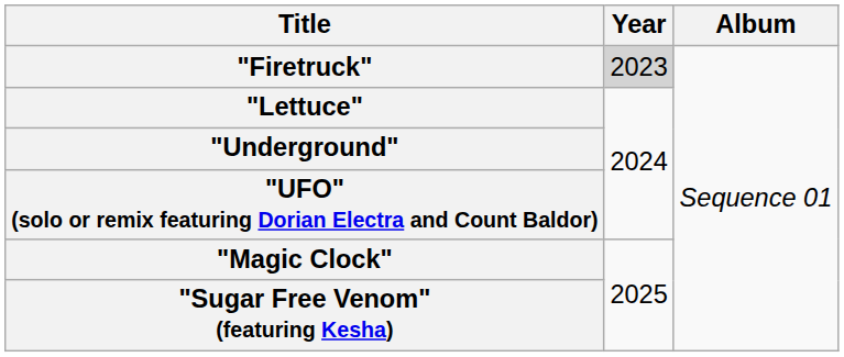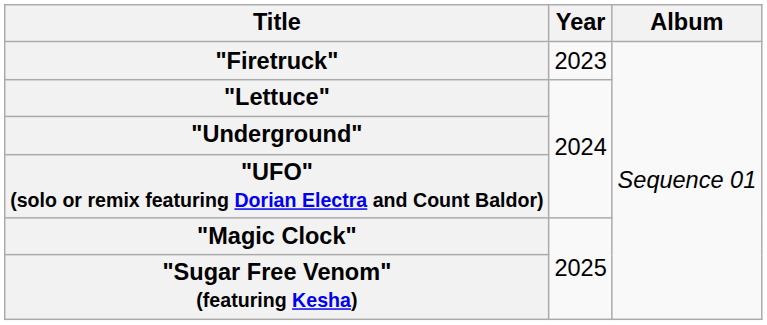 <table class="wikitable plainrowheaders" style="text-align:center;">
 <tr>
 <th scope="col">Title</th>
 <th scope="col">Year</th>
 <th scope="col">Album</th>
 </tr>
 <tr>
 <th scope="row">"Firetruck"</th>
-<td style="background: lightgrey;">2023</td>
+<td>2023</td>
 <td rowspan="6"><em>Sequence 01</em></td>
 </tr>
 <tr>
 <th scope="row">"Lettuce"</th>
 <td rowspan="3">2024</td>
 </tr>
 <tr>
 <th scope="row">"Underground"</th>
 </tr>
 <tr>
 <th scope="row">"UFO" <br><small>(solo or remix featuring <a href='#'>Dorian Electra</a> and Count Baldor)</small></th>
 </tr>
 <tr>
 <th scope="row">"Magic Clock"</th>
 <td rowspan="2">2025</td>
 </tr>
 <tr>
 <th scope="row">"Sugar Free Venom"<br><small>(featuring <a href='#'>Kesha</a>)</small></th>
 </tr>
 </table>
